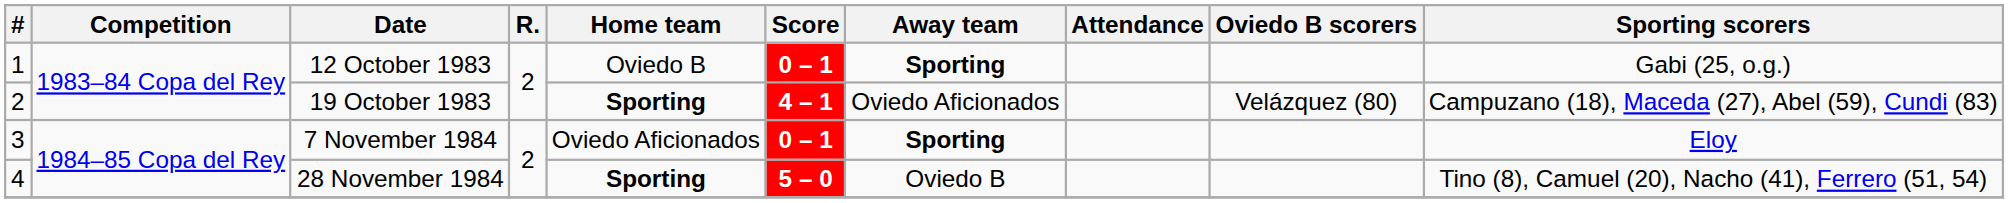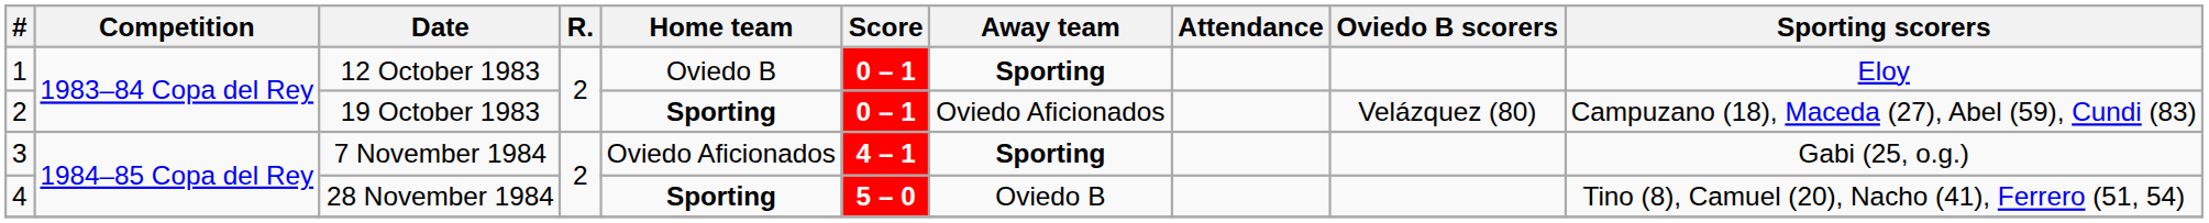 <table class="wikitable" style="text-align: center; width=25%; font-size: 11px">
 <tr>
 <th>#</th>
 <th>Competition</th>
 <th>Date</th>
 <th>R.</th>
 <th>Home team</th>
 <th>Score</th>
 <th>Away team</th>
 <th>Attendance</th>
 <th>Oviedo B scorers</th>
 <th>Sporting scorers</th>
 </tr>
 <tr>
 <td>1</td>
 <td rowspan=2><a href='#'>1983–84 Copa del Rey</a></td>
 <td>12 October 1983</td>
 <td rowspan=2>2</td>
 <td>Oviedo B</td>
 <td style="color:#FFFFFF; background:#FF0000"><strong>0 – 1</strong></td>
 <td><strong>Sporting</strong></td>
 <td></td>
 <td></td>
-<td>Gabi (25, o.g.)</td>
+<td><a href='#'>Eloy</a> </td>
 </tr>
 <tr>
 <td>2</td>
 <td>19 October 1983</td>
 <td><strong>Sporting</strong></td>
-<td style="color:#FFFFFF; background:#FF0000"><strong>4 – 1</strong></td>
+<td style="color:#FFFFFF; background:#FF0000"><strong>0 – 1</strong></td>
 <td>Oviedo Aficionados</td>
 <td></td>
 <td>Velázquez (80)</td>
 <td>Campuzano (18), <a href='#'>Maceda</a> (27), Abel (59), <a href='#'>Cundi</a> (83)</td>
 </tr>
 <tr>
 <td>3</td>
 <td rowspan=2><a href='#'>1984–85 Copa del Rey</a></td>
 <td>7 November 1984</td>
 <td rowspan=2>2</td>
 <td>Oviedo Aficionados</td>
-<td style="color:#FFFFFF; background:#FF0000"><strong>0 – 1</strong></td>
+<td style="color:#FFFFFF; background:#FF0000"><strong>4 – 1</strong></td>
 <td><strong>Sporting</strong></td>
 <td></td>
 <td></td>
-<td><a href='#'>Eloy</a> </td>
+<td>Gabi (25, o.g.)</td>
 </tr>
 <tr>
 <td>4</td>
 <td>28 November 1984</td>
 <td><strong>Sporting</strong></td>
 <td style="color:#FFFFFF; background:#FF0000"><strong>5 – 0</strong></td>
 <td>Oviedo B</td>
 <td></td>
 <td></td>
 <td>Tino (8), Camuel (20), Nacho (41), <a href='#'>Ferrero</a> (51, 54)</td>
 </tr>
 <tr>
 </tr>
 </table>
